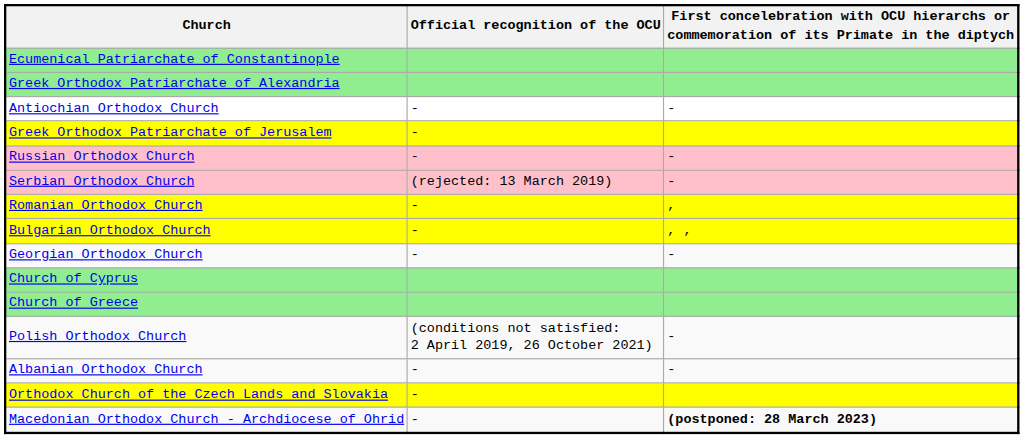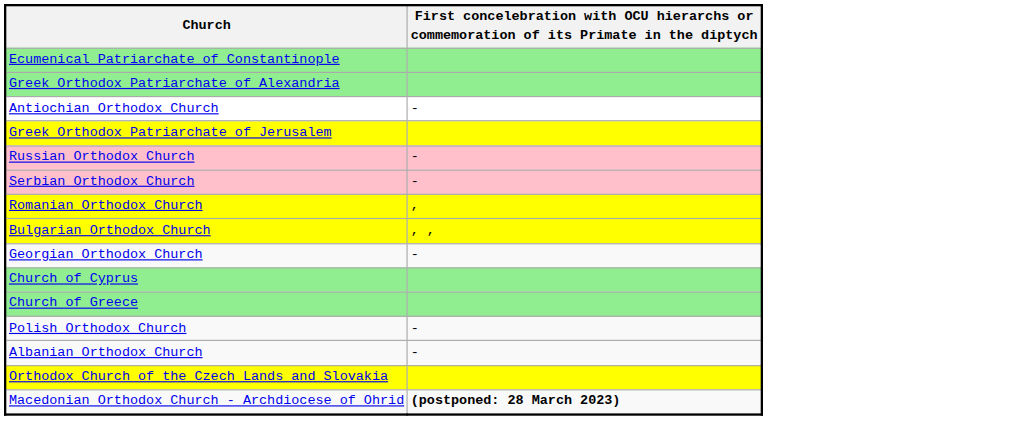 <table class=wikitable style="border:black 2px solid; font-size:90%; line-height:1.33; white-space:nowrap’">
 <tr>
 <th style=‘border-bottom:2px solid’>Church</th>
-<th style=‘border-bottom:2px solid’>Official recognition of the OCU</th>
 <th style=‘border-bottom:2px solid’>First concelebration with OCU hierarchs or<br>commemoration of its Primate in the diptych</th>
 </tr>
 <tr style="background:lightgreen">
 <td><a href='#'>Ecumenical Patriarchate of Constantinople</a></td>
 <td></td>
-<td></td>
 </tr>
 <tr style="background:lightgreen">
 <td><a href='#'>Greek Orthodox Patriarchate of Alexandria</a></td>
-<td></td>
 <td></td>
 </tr>
 <tr bgcolor=white>
 <td><a href='#'>Antiochian Orthodox Church</a></td>
 <td>-</td>
-<td>-</td>
 </tr>
 <tr style="background:yellow">
 <td><a href='#'>Greek Orthodox Patriarchate of Jerusalem</a></td>
-<td>-</td>
 <td></td>
 </tr>
 <tr style="background:pink">
 <td><a href='#'>Russian Orthodox Church</a></td>
 <td>-</td>
-<td>-</td>
 </tr>
 <tr style="background:pink">
 <td><a href='#'>Serbian Orthodox Church</a></td>
-<td>(rejected: 13 March 2019)</td>
 <td>-</td>
 </tr>
 <tr style="background:yellow">
 <td><a href='#'>Romanian Orthodox Church</a></td>
-<td>-</td>
 <td>, </td>
 </tr>
 <tr style="background:yellow">
 <td><a href='#'>Bulgarian Orthodox Church</a></td>
-<td>-</td>
 <td>, , </td>
 </tr>
 <tr bgcolour=white>
 <td><a href='#'>Georgian Orthodox Church</a></td>
 <td>-</td>
-<td>-</td>
 </tr>
 <tr style="background:lightgreen">
 <td><a href='#'>Church of Cyprus</a></td>
-<td></td>
 <td></td>
 </tr>
 <tr style="background:lightgreen">
 <td><a href='#'>Church of Greece</a></td>
 <td></td>
-<td></td>
 </tr>
 <tr bgcolour=white>
 <td><a href='#'>Polish Orthodox Church</a></td>
-<td>(conditions not satisfied:<br>2 April 2019, 26 October 2021)</td>
 <td>-</td>
 </tr>
 <tr bgcolour=white>
 <td><a href='#'>Albanian Orthodox Church</a></td>
 <td>-</td>
-<td>-</td>
 </tr>
 <tr style="background:yellow">
 <td><a href='#'>Orthodox Church of the Czech Lands and Slovakia</a></td>
-<td>-</td>
 <td></td>
 </tr>
 <tr bgcolour=white>
 <td><a href='#'>Macedonian Orthodox Church - Archdiocese of Ohrid</a></td>
-<td>-</td>
 <td><strong>(postponed: 28 March 2023)</strong></td>
 </tr>
 </table>
